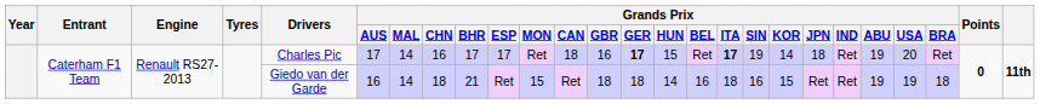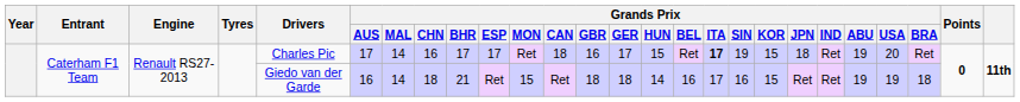 <table class="wikitable" style="text-align:center; font-size:95%">
 <tr>
 <th rowspan=2>Year</th>
 <th rowspan=2>Entrant</th>
 <th rowspan=2>Engine</th>
 <th rowspan=2>Tyres</th>
 <th rowspan=2>Drivers</th>
 <th colspan="19">Grands Prix</th>
 <th rowspan=2>Points</th>
 <th rowspan=2></th>
 </tr>
 <tr>
 <th><a href='#'>AUS</a></th>
 <th><a href='#'>MAL</a></th>
 <th><a href='#'>CHN</a></th>
 <th><a href='#'>BHR</a></th>
 <th><a href='#'>ESP</a></th>
 <th><a href='#'>MON</a></th>
 <th><a href='#'>CAN</a></th>
 <th><a href='#'>GBR</a></th>
 <th><a href='#'>GER</a></th>
 <th><a href='#'>HUN</a></th>
 <th><a href='#'>BEL</a></th>
 <th><a href='#'>ITA</a></th>
 <th><a href='#'>SIN</a></th>
 <th><a href='#'>KOR</a></th>
 <th><a href='#'>JPN</a></th>
 <th><a href='#'>IND</a></th>
 <th><a href='#'>ABU</a></th>
 <th><a href='#'>USA</a></th>
 <th><a href='#'>BRA</a></th>
 </tr>
 <tr>
 <th rowspan=2></th>
 <td rowspan=2><a href='#'>Caterham F1 Team</a></td>
 <td rowspan=2><a href='#'>Renault</a> RS27-2013</td>
 <td rowspan=2></td>
 <td style="text-align:center;"><a href='#'>Charles Pic</a></td>
 <td style="background:#cfcfff;">17</td>
 <td style="background:#cfcfff;">14</td>
 <td style="background:#cfcfff;">16</td>
 <td style="background:#cfcfff;">17</td>
 <td style="background:#cfcfff;">17</td>
 <td style="background:#efcfff;">Ret</td>
 <td style="background:#cfcfff;">18</td>
 <td style="background:#cfcfff;">16</td>
-<td style="background:#cfcfff;"><strong>17</strong></td>
+<td style="background:#cfcfff;">17</td>
 <td style="background:#cfcfff;">15</td>
 <td style="background:#efcfff;">Ret</td>
 <td style="background:#cfcfff;"><strong>17</strong></td>
 <td style="background:#cfcfff;">19</td>
-<td style="background:#cfcfff;">14</td>
+<td style="background:#cfcfff;">15</td>
 <td style="background:#cfcfff;">18</td>
 <td style="background:#efcfff;">Ret</td>
 <td style="background:#cfcfff;">19</td>
 <td style="background:#cfcfff;">20</td>
 <td style="background:#efcfff">Ret</td>
 <td rowspan="2" style="background:"><strong>0</strong></td>
 <td rowspan="2" style="background:"><strong>11th</strong></td>
 </tr>
 <tr>
 <td style="text-align:center;"><a href='#'>Giedo van der Garde</a></td>
 <td style="background:#cfcfff;">16</td>
 <td style="background:#cfcfff;">14</td>
 <td style="background:#cfcfff;">18</td>
 <td style="background:#cfcfff;">21</td>
 <td style="background:#efcfff;">Ret</td>
 <td style="background:#cfcfff;">15</td>
 <td style="background:#efcfff;">Ret</td>
 <td style="background:#cfcfff;">18</td>
 <td style="background:#cfcfff;">18</td>
 <td style="background:#cfcfff;">14</td>
 <td style="background:#cfcfff;">16</td>
-<td style="background:#cfcfff;">18</td>
+<td style="background:#cfcfff;">17</td>
 <td style="background:#cfcfff;">16</td>
 <td style="background:#cfcfff;">15</td>
 <td style="background:#efcfff;">Ret</td>
 <td style="background:#efcfff;">Ret</td>
 <td style="background:#cfcfff;">19</td>
 <td style="background:#cfcfff;">19</td>
 <td style="background:#cfcfff">18</td>
 </tr>
 </table>
